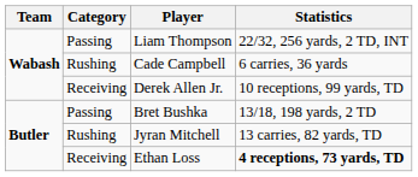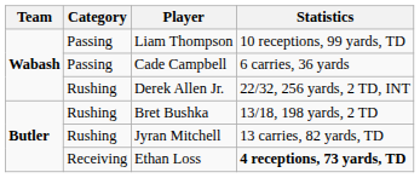 <table class="wikitable" style="float: right;">
 <tr>
 <th>Team</th>
 <th>Category</th>
 <th>Player</th>
 <th>Statistics</th>
 </tr>
 <tr>
 <td rowspan=3><strong>Wabash</strong></td>
 <td>Passing</td>
 <td>Liam Thompson</td>
-<td>22/32, 256 yards, 2 TD, INT</td>
+<td>10 receptions, 99 yards, TD</td>
 </tr>
 <tr>
-<td>Rushing</td>
+<td>Passing</td>
 <td>Cade Campbell</td>
 <td>6 carries, 36 yards</td>
 </tr>
 <tr>
-<td>Receiving</td>
+<td>Rushing</td>
 <td>Derek Allen Jr.</td>
-<td>10 receptions, 99 yards, TD</td>
+<td>22/32, 256 yards, 2 TD, INT</td>
 </tr>
 <tr>
 <td rowspan=3><strong>Butler</strong></td>
-<td>Passing</td>
+<td>Rushing</td>
 <td>Bret Bushka</td>
 <td>13/18, 198 yards, 2 TD</td>
 </tr>
 <tr>
 <td>Rushing</td>
 <td>Jyran Mitchell</td>
 <td>13 carries, 82 yards, TD</td>
 </tr>
 <tr>
 <td>Receiving</td>
 <td>Ethan Loss</td>
 <td><strong>4 receptions, 73 yards, TD</strong></td>
 </tr>
 </table>
